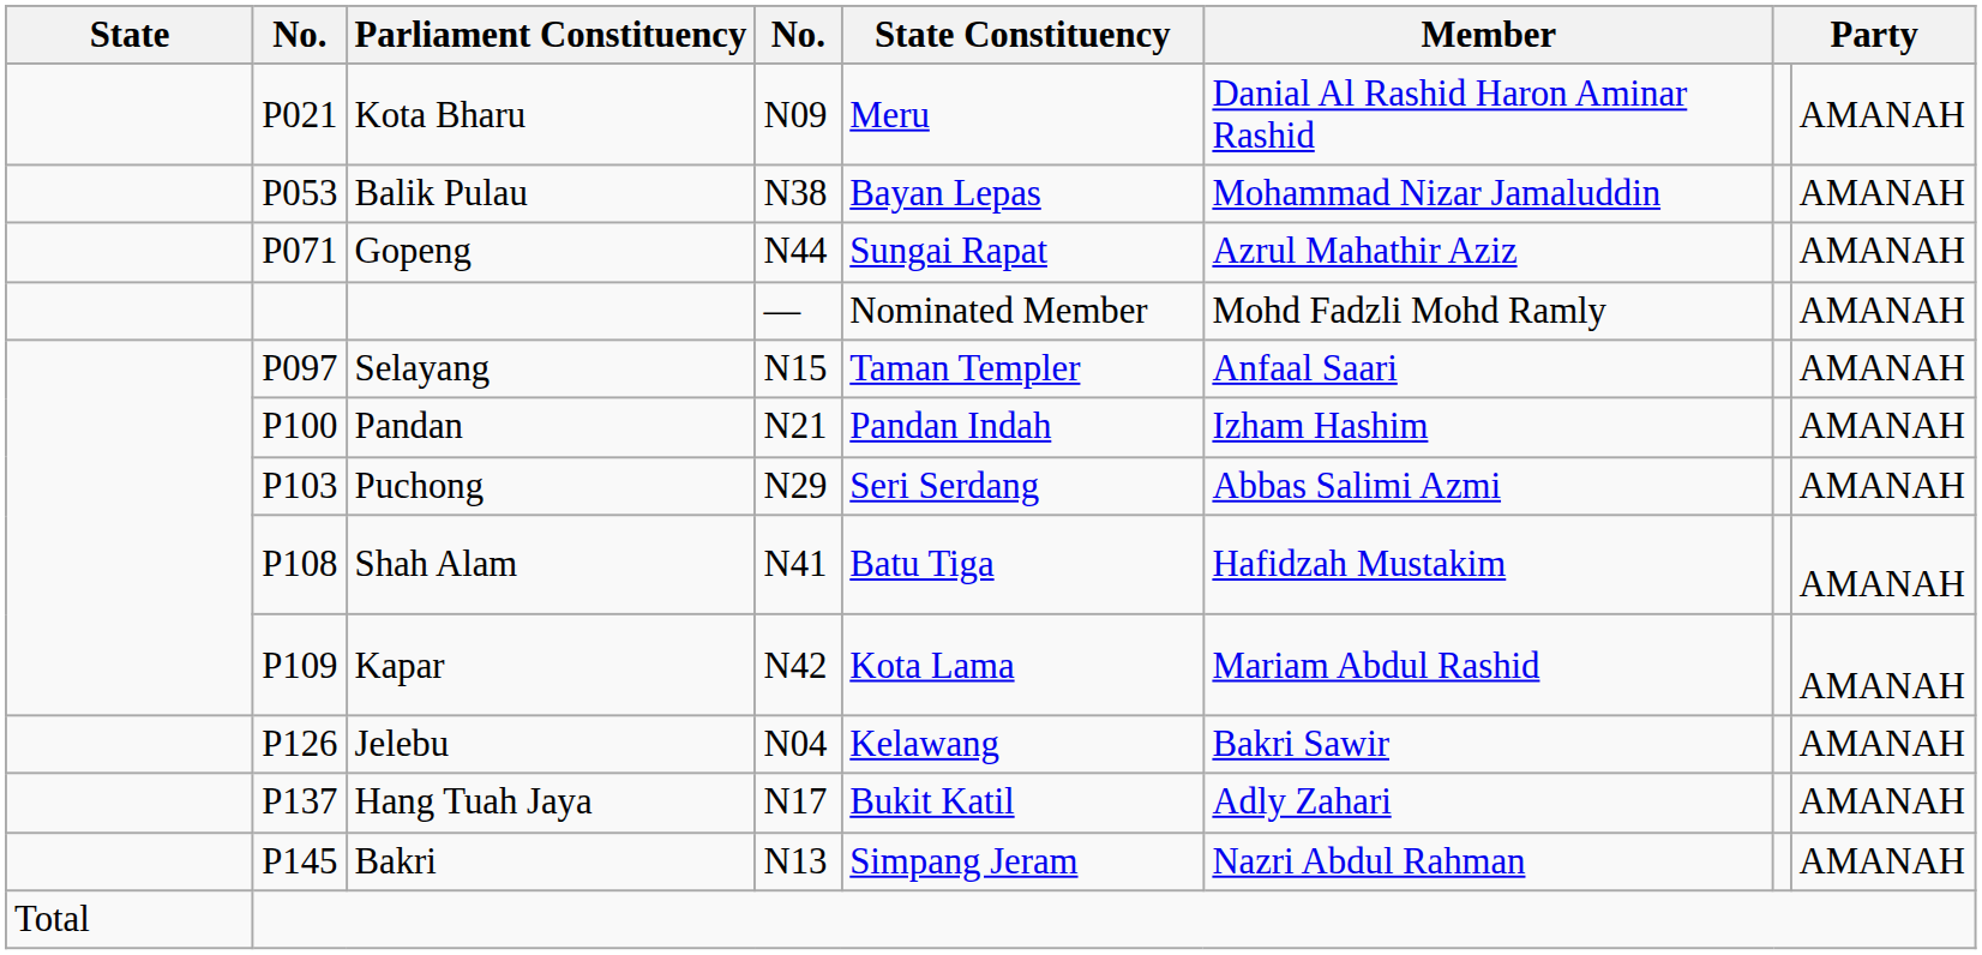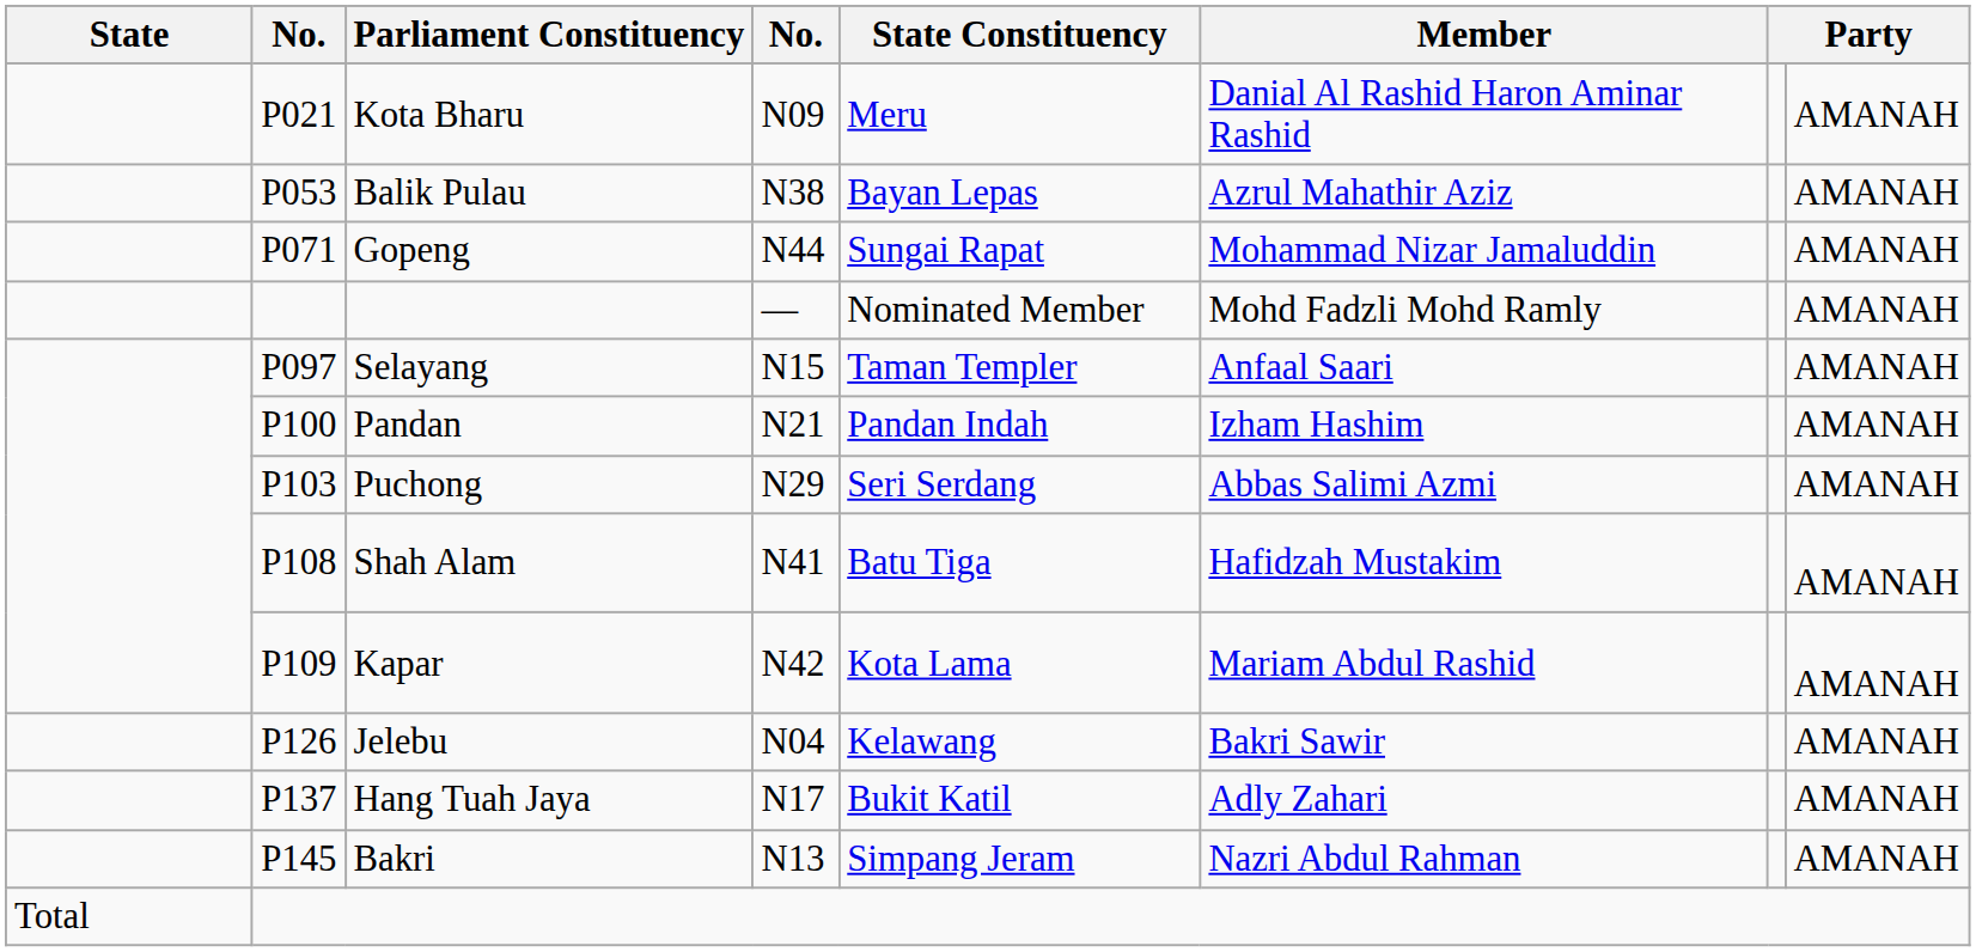 <table class ="wikitable sortable">
 <tr>
 <th style="width:100px;">State</th>
 <th>No.</th>
 <th>Parliament Constituency</th>
 <th style="width:30px;">No.</th>
 <th style="width:150px;">State Constituency</th>
 <th style="width:240px;">Member</th>
 <th style="width:80px;" colspan=2>Party</th>
 </tr>
 <tr>
 <td rowspan=1></td>
 <td>P021</td>
 <td>Kota Bharu</td>
 <td>N09</td>
 <td><a href='#'>Meru</a></td>
 <td><a href='#'>Danial Al Rashid Haron Aminar Rashid</a></td>
 <td></td>
 <td>AMANAH</td>
 </tr>
 <tr>
 <td rowspan=1></td>
 <td>P053</td>
 <td>Balik Pulau</td>
 <td>N38</td>
 <td><a href='#'>Bayan Lepas</a></td>
-<td><a href='#'>Mohammad Nizar Jamaluddin</a></td>
+<td><a href='#'>Azrul Mahathir Aziz</a></td>
 <td></td>
 <td>AMANAH</td>
 </tr>
 <tr>
 <td></td>
 <td>P071</td>
 <td>Gopeng</td>
 <td>N44</td>
 <td><a href='#'>Sungai Rapat</a></td>
-<td><a href='#'>Azrul Mahathir Aziz</a></td>
+<td><a href='#'>Mohammad Nizar Jamaluddin</a></td>
 <td></td>
 <td>AMANAH</td>
 </tr>
 <tr>
 <td rowspan="1"></td>
 <td></td>
 <td></td>
 <td>—</td>
 <td>Nominated Member</td>
 <td>Mohd Fadzli Mohd Ramly</td>
 <td></td>
 <td>AMANAH</td>
 </tr>
 <tr>
 <td rowspan="5"></td>
 <td>P097</td>
 <td>Selayang</td>
 <td>N15</td>
 <td><a href='#'>Taman Templer</a></td>
 <td><a href='#'>Anfaal Saari</a></td>
 <td></td>
 <td>AMANAH</td>
 </tr>
 <tr>
 <td>P100</td>
 <td>Pandan</td>
 <td>N21</td>
 <td><a href='#'>Pandan Indah</a></td>
 <td><a href='#'>Izham Hashim</a></td>
 <td></td>
 <td>AMANAH</td>
 </tr>
 <tr>
 <td>P103</td>
 <td>Puchong</td>
 <td>N29</td>
 <td><a href='#'>Seri Serdang</a></td>
 <td><a href='#'>Abbas Salimi Azmi</a></td>
 <td></td>
 <td>AMANAH</td>
 </tr>
 <tr>
 <td>P108</td>
 <td>Shah Alam</td>
 <td>N41</td>
 <td><a href='#'>Batu Tiga</a></td>
 <td><a href='#'>Hafidzah Mustakim</a></td>
 <td></td>
 <td><br>AMANAH</td>
 </tr>
 <tr>
 <td>P109</td>
 <td>Kapar</td>
 <td>N42</td>
 <td><a href='#'>Kota Lama</a></td>
 <td><a href='#'>Mariam Abdul Rashid</a></td>
 <td></td>
 <td><br>AMANAH</td>
 </tr>
 <tr>
 <td rowspan="1"></td>
 <td>P126</td>
 <td>Jelebu</td>
 <td>N04</td>
 <td><a href='#'>Kelawang</a></td>
 <td><a href='#'>Bakri Sawir</a></td>
 <td></td>
 <td>AMANAH</td>
 </tr>
 <tr>
 <td rowspan="1"></td>
 <td>P137</td>
 <td>Hang Tuah Jaya</td>
 <td>N17</td>
 <td><a href='#'>Bukit Katil</a></td>
 <td><a href='#'>Adly Zahari</a></td>
 <td></td>
 <td>AMANAH</td>
 </tr>
 <tr>
 <td rowspan="1"></td>
 <td>P145</td>
 <td>Bakri</td>
 <td>N13</td>
 <td><a href='#'>Simpang Jeram</a></td>
 <td><a href='#'>Nazri Abdul Rahman</a></td>
 <td></td>
 <td>AMANAH</td>
 </tr>
 <tr>
 <td>Total</td>
 <td colspan="7"></td>
 </tr>
 </table>
